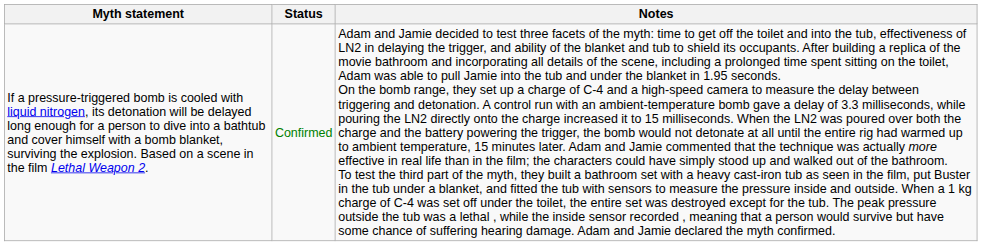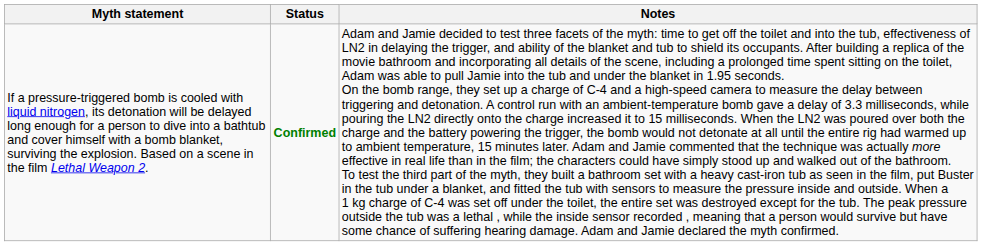 <table class="wikitable plainrowheaders">
 <tr>
 <th>Myth statement</th>
 <th>Status</th>
 <th>Notes</th>
 </tr>
 <tr>
 <td>If a pressure-triggered bomb is cooled with <a href='#'>liquid nitrogen</a>, its detonation will be delayed long enough for a person to dive into a bathtub and cover himself with a bomb blanket, surviving the explosion. Based on a scene in the film <em><a href='#'>Lethal Weapon 2</a></em>.</td>
-<td style="color:green">Confirmed</td>
+<td style="color:green"><strong>Confirmed</strong></td>
 <td>Adam and Jamie decided to test three facets of the myth: time to get off the toilet and into the tub, effectiveness of LN2 in delaying the trigger, and ability of the blanket and tub to shield its occupants. After building a replica of the movie bathroom and incorporating all details of the scene, including a prolonged time spent sitting on the toilet, Adam was able to pull Jamie into the tub and under the blanket in 1.95 seconds.<br>On the bomb range, they set up a charge of C-4 and a high-speed camera to measure the delay between triggering and detonation. A control run with an ambient-temperature bomb gave a delay of 3.3 milliseconds, while pouring the LN2 directly onto the charge increased it to 15 milliseconds. When the LN2 was poured over both the charge and the battery powering the trigger, the bomb would not detonate at all until the entire rig had warmed up to ambient temperature, 15 minutes later. Adam and Jamie commented that the technique was actually <em>more</em> effective in real life than in the film; the characters could have simply stood up and walked out of the bathroom.<br>To test the third part of the myth, they built a bathroom set with a heavy cast-iron tub as seen in the film, put Buster in the tub under a blanket, and fitted the tub with sensors to measure the pressure inside and outside. When a 1 kg charge of C-4 was set off under the toilet, the entire set was destroyed except for the tub. The peak pressure outside the tub was a lethal , while the inside sensor recorded , meaning that a person would survive but have some chance of suffering hearing damage. Adam and Jamie declared the myth confirmed.</td>
 </tr>
 </table>
